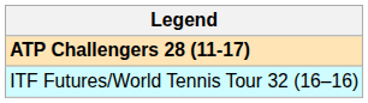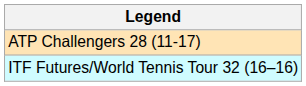 <table class=wikitable style=font-size:97%>
 <tr>
 <th>Legend</th>
 </tr>
 <tr style="background:moccasin;">
-<td><strong>ATP Challengers 28 (11-17)</strong></td>
+<td>ATP Challengers 28 (11-17)</td>
 </tr>
 <tr style="background:#cffcff;">
 <td>ITF Futures/World Tennis Tour 32 (16–16)</td>
 </tr>
 </table>
